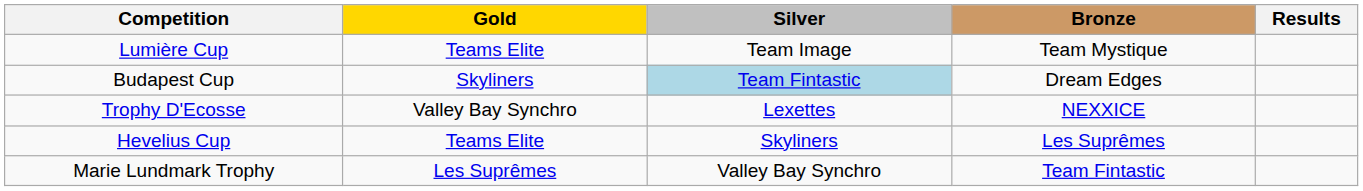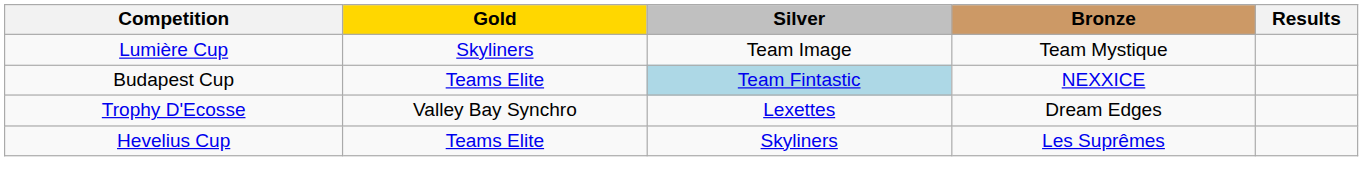 <table class="wikitable" style="text-align:center; width:90%;">
 <tr>
 <th scope="col" style="text-align:center; width:25%;">Competition</th>
 <td scope="col" style="text-align:center; width:22.5%; background:gold"><strong>Gold</strong></td>
 <td scope="col" style="text-align:center; width:22.5%; background:silver"><strong>Silver</strong></td>
 <td scope="col" style="text-align:center; width:22.5%; background:#c96"><strong>Bronze</strong></td>
 <th scope="col" style="text-align:center; width:7.5%;">Results</th>
 </tr>
 <tr>
 <td align="center"><a href='#'>Lumière Cup</a></td>
-<td><a href='#'>Teams Elite</a></td>
+<td><a href='#'>Skyliners</a></td>
 <td>Team Image</td>
 <td>Team Mystique</td>
 <td></td>
 </tr>
 <tr>
 <td>Budapest Cup</td>
-<td><a href='#'>Skyliners</a></td>
+<td><a href='#'>Teams Elite</a></td>
 <td style="background: lightblue;"><a href='#'>Team Fintastic</a></td>
-<td>Dream Edges</td>
+<td><a href='#'>NEXXICE</a></td>
 <td></td>
 </tr>
 <tr>
 <td><a href='#'>Trophy D'Ecosse</a></td>
 <td>Valley Bay Synchro</td>
 <td><a href='#'>Lexettes</a></td>
-<td><a href='#'>NEXXICE</a></td>
+<td>Dream Edges</td>
 <td></td>
 </tr>
 <tr>
 <td><a href='#'>Hevelius Cup</a></td>
 <td><a href='#'>Teams Elite</a></td>
 <td><a href='#'>Skyliners</a></td>
 <td><a href='#'>Les Suprêmes</a></td>
 <td></td>
 </tr>
-<tr>
-<td>Marie Lundmark Trophy</td>
-<td><a href='#'>Les Suprêmes</a></td>
-<td>Valley Bay Synchro</td>
-<td><a href='#'>Team Fintastic</a></td>
-<td></td>
-</tr>
 </table>
